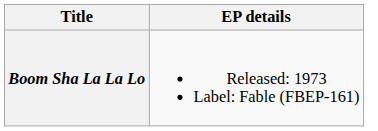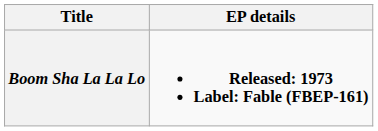 <table class="wikitable plainrowheaders" style="text-align:center;" border="1">
 <tr>
 <th>Title</th>
 <th>EP details</th>
 </tr>
 <tr>
 <th scope="row"><em>Boom Sha La La Lo</em></th>
-<td><br><ul><li>Released: 1973</li><li>Label: Fable (FBEP-161)</li></ul></td>
+<td><strong><br><ul><li>Released: 1973</li><li>Label: Fable (FBEP-161)</li></ul></strong></td>
 </tr>
 </table>
